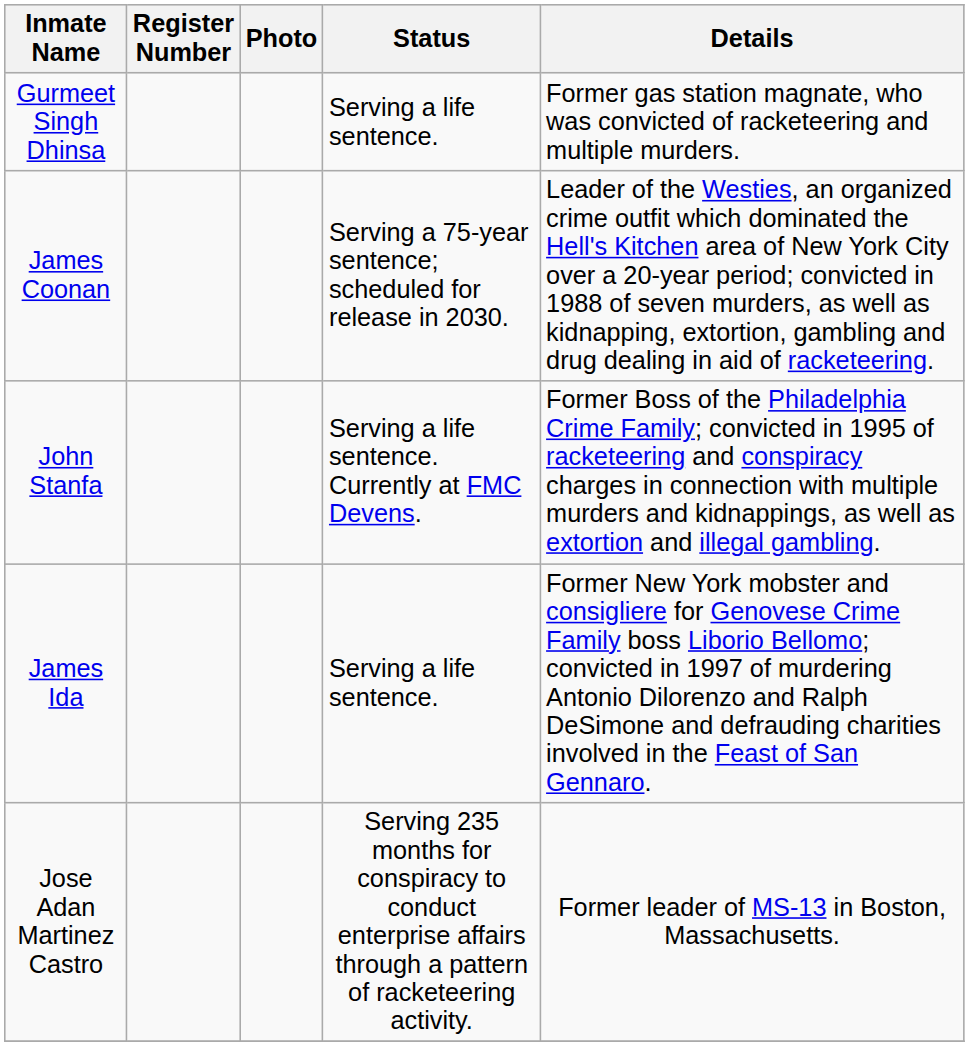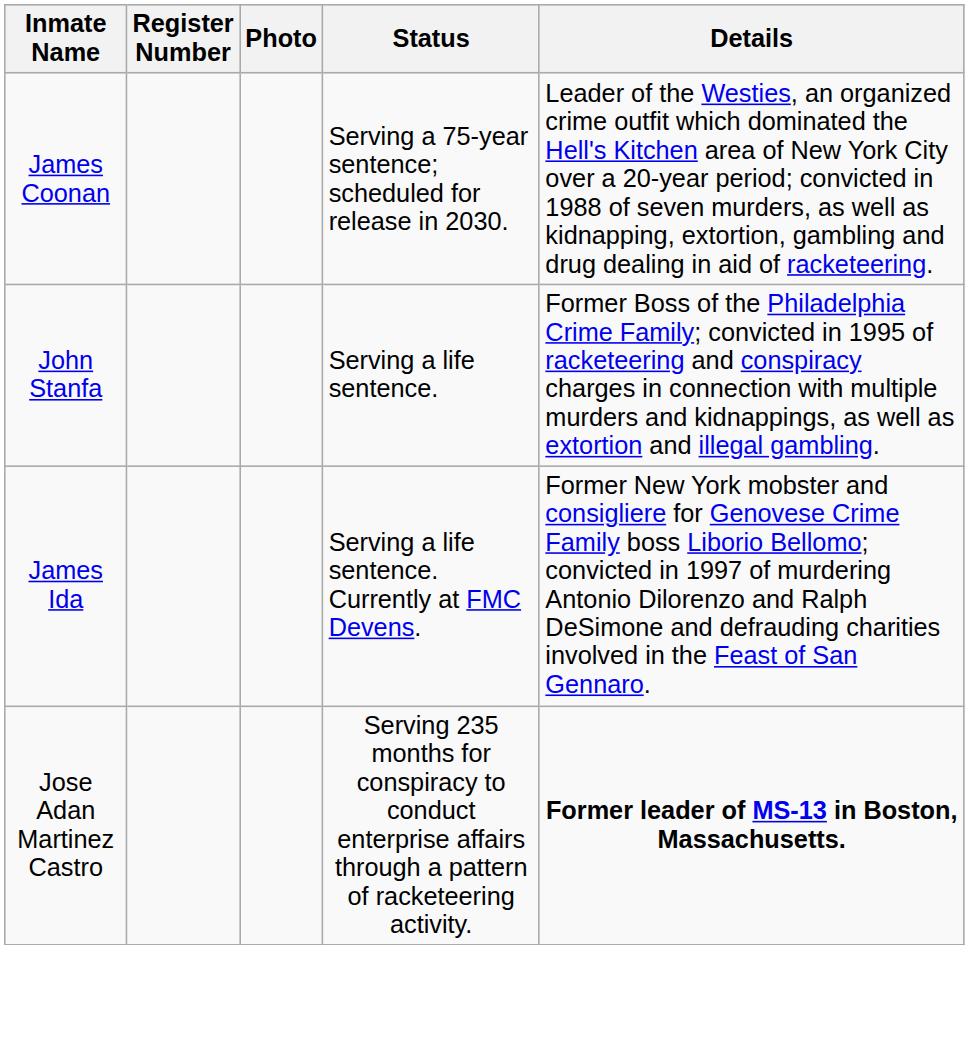 <table class="wikitable sortable">
 <tr>
 <th width=13%>Inmate Name</th>
 <th width=9%>Register Number</th>
 <th width=5%>Photo</th>
 <th width=24%>Status</th>
 <th width=54%>Details</th>
-</tr>
-<tr>
-<td Style="text-align:center;"><a href='#'>Gurmeet Singh Dhinsa</a></td>
-<td style="text-align:center;"></td>
-<td style="text-align:center;"></td>
-<td>Serving a life sentence.</td>
-<td>Former gas station magnate, who was convicted of racketeering and multiple murders.</td>
 </tr>
 <tr>
 <td style="text-align:center;"><a href='#'>James Coonan</a></td>
 <td style="text-align:center;"></td>
 <td style="text-align:center;"></td>
 <td>Serving a 75-year sentence; scheduled for release in 2030.</td>
 <td>Leader of the <a href='#'>Westies</a>, an organized crime outfit which dominated the <a href='#'> Hell's Kitchen</a> area of New York City over a 20-year period; convicted in 1988 of seven murders, as well as kidnapping, extortion, gambling and drug dealing in aid of <a href='#'>racketeering</a>.</td>
 </tr>
 <tr>
 <td style="text-align:center;"><a href='#'>John Stanfa</a></td>
 <td style="text-align:center;"></td>
 <td style="text-align:center;"></td>
-<td>Serving a life sentence. Currently at <a href='#'>FMC Devens</a>.</td>
+<td>Serving a life sentence.</td>
 <td>Former Boss of the <a href='#'>Philadelphia Crime Family</a>; convicted in 1995 of <a href='#'>racketeering</a> and <a href='#'>conspiracy</a> charges in connection with multiple murders and kidnappings, as well as <a href='#'>extortion</a> and <a href='#'>illegal gambling</a>.</td>
 </tr>
 <tr>
 <td style="text-align:center;"><a href='#'>James Ida</a></td>
 <td style="text-align:center;"></td>
 <td style="text-align:center;"></td>
-<td>Serving a life sentence.</td>
+<td>Serving a life sentence. Currently at <a href='#'>FMC Devens</a>.</td>
 <td>Former New York mobster and <a href='#'>consigliere</a> for <a href='#'>Genovese Crime Family</a> boss <a href='#'>Liborio Bellomo</a>; convicted in 1997 of murdering Antonio Dilorenzo and Ralph DeSimone and defrauding charities involved in the <a href='#'>Feast of San Gennaro</a>.</td>
 </tr>
 <tr>
 <td style="text-align:center;">Jose Adan Martinez Castro</td>
 <td style="text-align:center;"></td>
 <td style="text-align:center;"></td>
 <td style="text-align:center;">Serving 235 months for conspiracy to conduct enterprise affairs through a pattern of racketeering activity.</td>
-<td style="text-align:center;">Former leader of <a href='#'>MS-13</a> in Boston, Massachusetts.</td>
+<td style="text-align:center;"><strong>Former leader of <a href='#'>MS-13</a> in Boston, Massachusetts.</strong></td>
 </tr>
 <tr>
 </tr>
 </table>
